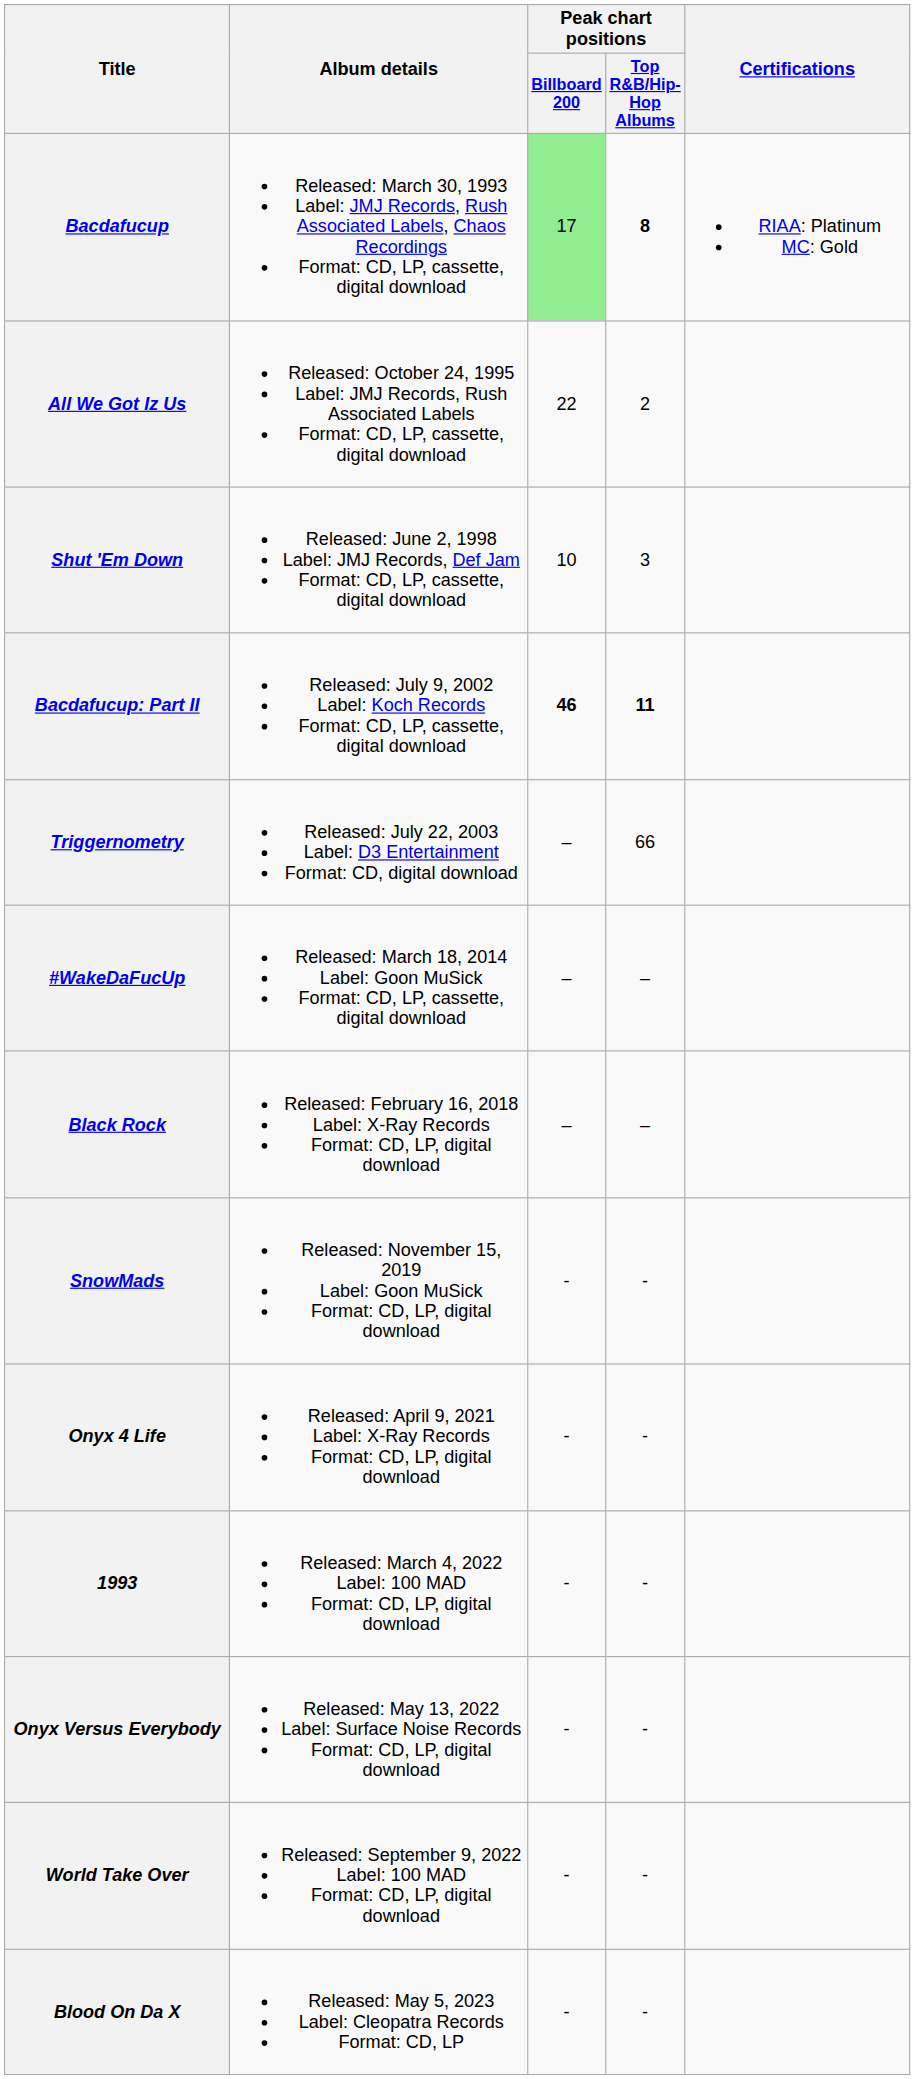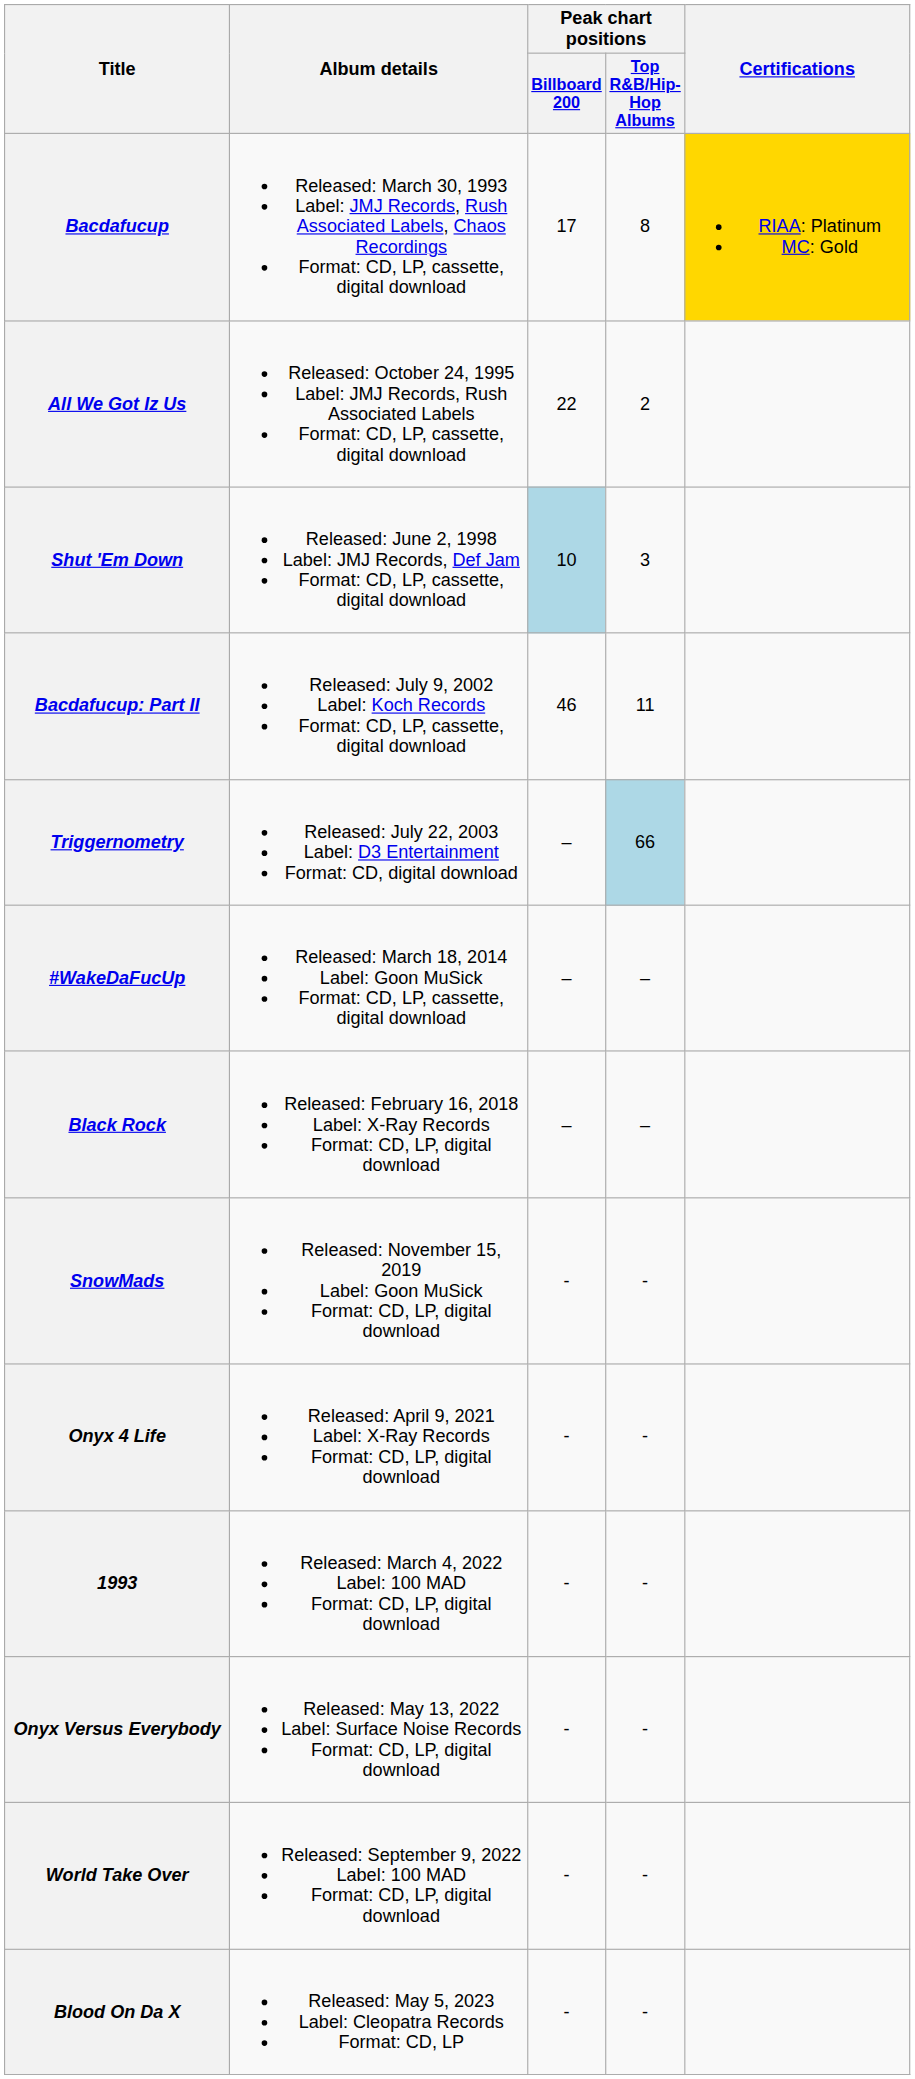 <table class="wikitable plainrowheaders" style="text-align:center;">
 <tr>
 <th scope="col" rowspan="2" style="width:12em;">Title</th>
 <th scope="col" rowspan="2" style="width:16em;">Album details</th>
 <th scope="col" colspan="2">Peak chart positions</th>
 <th scope="col" rowspan="2" style="width:12em;"><a href='#'>Certifications</a></th>
 </tr>
 <tr>
 <th scope="col" style="width:3em;font-size:90%;"> <a href='#'>Billboard 200</a></th>
 <th scope="col" style="width:3em;font-size:90%;"> <a href='#'>Top R&B/Hip-Hop Albums</a></th>
 </tr>
 <tr>
 <th scope="row"><em><a href='#'>Bacdafucup</a></em></th>
 <td><br><ul><li>Released: March 30, 1993</li><li>Label: <a href='#'>JMJ Records</a>, <a href='#'>Rush Associated Labels</a>, <a href='#'>Chaos Recordings</a></li><li>Format: CD, LP, cassette, digital download</li></ul></td>
-<td style="background: lightgreen;">17</td>
-<td><strong>8</strong></td>
-<td><br><ul><li> <a href='#'>RIAA</a>: Platinum</li><li> <a href='#'>MC</a>: Gold</li></ul></td>
+<td>17</td>
+<td>8</td>
+<td style="background: gold;"><br><ul><li> <a href='#'>RIAA</a>: Platinum</li><li> <a href='#'>MC</a>: Gold</li></ul></td>
 </tr>
 <tr>
 <th scope="row"><em><a href='#'>All We Got Iz Us</a></em></th>
 <td><br><ul><li>Released: October 24, 1995</li><li>Label: JMJ Records, Rush Associated Labels</li><li>Format: CD, LP, cassette, digital download</li></ul></td>
 <td>22</td>
 <td>2</td>
 <td></td>
 </tr>
 <tr>
 <th scope="row"><em><a href='#'>Shut 'Em Down</a></em></th>
 <td><br><ul><li>Released: June 2, 1998</li><li>Label: JMJ Records, <a href='#'>Def Jam</a></li><li>Format: CD, LP, cassette, digital download</li></ul></td>
-<td>10</td>
+<td style="background: lightblue;">10</td>
 <td>3</td>
 <td></td>
 </tr>
 <tr>
 <th scope="row"><em><a href='#'>Bacdafucup: Part II</a></em></th>
 <td><br><ul><li>Released: July 9, 2002</li><li>Label: <a href='#'>Koch Records</a></li><li>Format: CD, LP, cassette, digital download</li></ul></td>
-<td><strong>46</strong></td>
-<td><strong>11</strong></td>
+<td>46</td>
+<td>11</td>
 <td></td>
 </tr>
 <tr>
 <th scope="row"><em><a href='#'>Triggernometry</a></em></th>
 <td><br><ul><li>Released: July 22, 2003</li><li>Label: <a href='#'>D3 Entertainment</a></li><li>Format: CD, digital download</li></ul></td>
 <td>–</td>
-<td>66</td>
+<td style="background: lightblue;">66</td>
 <td></td>
 </tr>
 <tr>
 <th scope="row"><em><a href='#'>#WakeDaFucUp</a></em></th>
 <td><br><ul><li>Released: March 18, 2014</li><li>Label: Goon MuSick</li><li>Format: CD, LP, cassette, digital download</li></ul></td>
 <td>–</td>
 <td>–</td>
 <td></td>
 </tr>
 <tr>
 <th scope="row"><em><a href='#'>Black Rock</a></em></th>
 <td><br><ul><li>Released: February 16, 2018</li><li>Label: X-Ray Records</li><li>Format: CD, LP, digital download</li></ul></td>
 <td>–</td>
 <td>–</td>
 <td></td>
 </tr>
 <tr>
 <th scope="row"><em><a href='#'>SnowMads</a></em></th>
 <td><br><ul><li>Released: November 15, 2019</li><li>Label: Goon MuSick</li><li>Format: CD, LP, digital download</li></ul></td>
 <td>-</td>
 <td>-</td>
 <td></td>
 </tr>
 <tr>
 <th scope="row"><em>Onyx 4 Life</em></th>
 <td><br><ul><li>Released: April 9, 2021</li><li>Label: X-Ray Records</li><li>Format: CD, LP, digital download</li></ul></td>
 <td>-</td>
 <td>-</td>
 <td></td>
 </tr>
 <tr>
 <th scope="row"><em>1993</em></th>
 <td><br><ul><li>Released: March 4, 2022</li><li>Label: 100 MAD</li><li>Format: CD, LP, digital download</li></ul></td>
 <td>-</td>
 <td>-</td>
 <td></td>
 </tr>
 <tr>
 <th scope="row"><em>Onyx Versus Everybody</em></th>
 <td><br><ul><li>Released: May 13, 2022</li><li>Label: Surface Noise Records</li><li>Format: CD, LP, digital download</li></ul></td>
 <td>-</td>
 <td>-</td>
 <td></td>
 </tr>
 <tr>
 <th scope="row"><em>World Take Over</em></th>
 <td><br><ul><li>Released: September 9, 2022</li><li>Label: 100 MAD</li><li>Format: CD, LP, digital download</li></ul></td>
 <td>-</td>
 <td>-</td>
 <td></td>
 </tr>
 <tr>
 <th scope="row"><em>Blood On Da X</em></th>
 <td><br><ul><li>Released: May 5, 2023</li><li>Label: Cleopatra Records</li><li>Format: CD, LP</li></ul></td>
 <td>-</td>
 <td>-</td>
 <td></td>
 </tr>
 <tr>
 </tr>
 </table>
